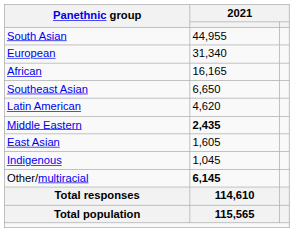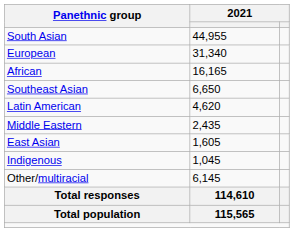 <table class="wikitable collapsible sortable">
 <tr>
 <th rowspan="2"><a href='#'>Panethnic</a> group</th>
 <th colspan="2">2021</th>
 </tr>
 <tr>
 <th><a href='#'></a></th>
 <th></th>
 </tr>
 <tr>
 <td><a href='#'>South Asian</a></td>
 <td>44,955</td>
 <td></td>
 </tr>
 <tr>
 <td><a href='#'>European</a></td>
 <td>31,340</td>
 <td></td>
 </tr>
 <tr>
 <td><a href='#'>African</a></td>
 <td>16,165</td>
 <td></td>
 </tr>
 <tr>
 <td><a href='#'>Southeast Asian</a></td>
 <td>6,650</td>
 <td></td>
 </tr>
 <tr>
 <td><a href='#'>Latin American</a></td>
 <td>4,620</td>
 <td></td>
 </tr>
 <tr>
 <td><a href='#'>Middle Eastern</a></td>
-<td><strong>2,435</strong></td>
+<td>2,435</td>
 <td></td>
 </tr>
 <tr>
 <td><a href='#'>East Asian</a></td>
 <td>1,605</td>
 <td></td>
 </tr>
 <tr>
 <td><a href='#'>Indigenous</a></td>
 <td>1,045</td>
 <td></td>
 </tr>
 <tr>
 <td>Other/<a href='#'>multiracial</a></td>
-<td><strong>6,145</strong></td>
+<td>6,145</td>
 <td></td>
 </tr>
 <tr>
 <th>Total responses</th>
 <th>114,610</th>
 <th></th>
 </tr>
 <tr class="sortbottom">
 <th>Total population</th>
 <th>115,565</th>
 <th></th>
 </tr>
 <tr class="sortbottom">
 <td colspan="15" style="width: 25em;"></td>
 </tr>
 </table>
